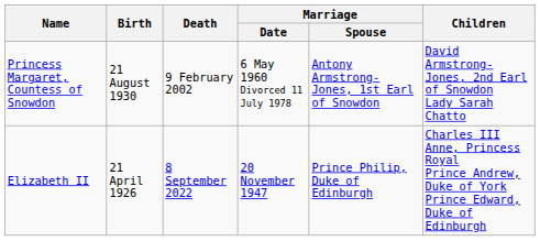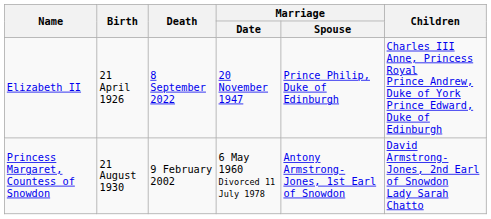 <table class="wikitable">
 <tr>
 <th rowspan=2>Name</th>
 <th rowspan=2>Birth</th>
 <th rowspan=2>Death</th>
 <th colspan=2>Marriage</th>
 <th rowspan=2>Children</th>
 </tr>
 <tr>
 <th>Date</th>
 <th>Spouse</th>
 </tr>
 <tr>
+<td><a href='#'>Elizabeth II</a></td>
+<td>21 April 1926</td>
+<td><a href='#'>8 September 2022</a></td>
+<td><a href='#'>20 November 1947</a></td>
+<td><a href='#'>Prince Philip, Duke of Edinburgh</a></td>
+<td><a href='#'>Charles III</a><br><a href='#'>Anne, Princess Royal</a><br><a href='#'>Prince Andrew, Duke of York</a><br><a href='#'>Prince Edward, Duke of Edinburgh</a></td>
+</tr>
+<tr>
 <td><a href='#'>Princess Margaret, Countess of Snowdon</a></td>
 <td>21 August 1930</td>
 <td>9 February 2002</td>
 <td>6 May 1960<br><small>Divorced 11 July 1978</small></td>
 <td><a href='#'>Antony Armstrong-Jones, 1st Earl of Snowdon</a></td>
 <td><a href='#'>David Armstrong-Jones, 2nd Earl of Snowdon</a><br><a href='#'>Lady Sarah Chatto</a></td>
 </tr>
-<tr>
-<td><a href='#'>Elizabeth II</a></td>
-<td>21 April 1926</td>
-<td><a href='#'>8 September 2022</a></td>
-<td><a href='#'>20 November 1947</a></td>
-<td><a href='#'>Prince Philip, Duke of Edinburgh</a></td>
-<td><a href='#'>Charles III</a><br><a href='#'>Anne, Princess Royal</a><br><a href='#'>Prince Andrew, Duke of York</a><br><a href='#'>Prince Edward, Duke of Edinburgh</a></td>
-</tr>
 </table>
